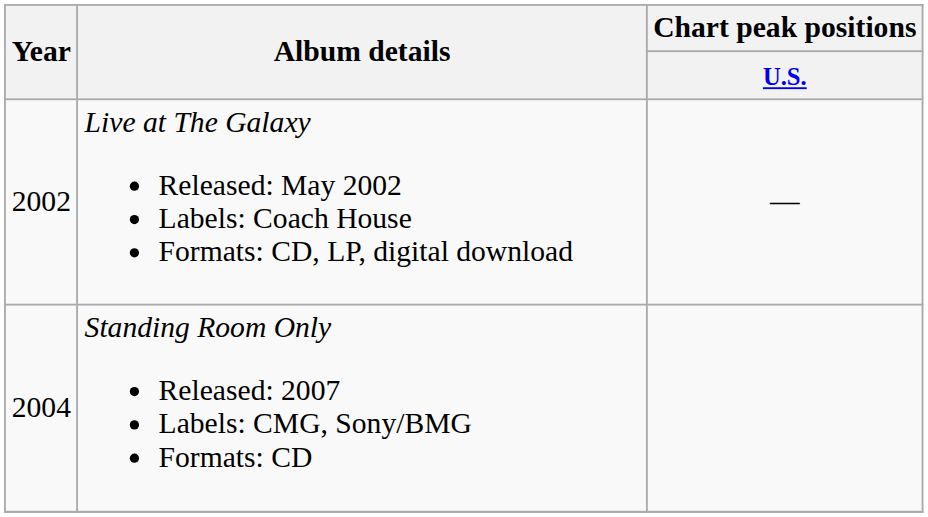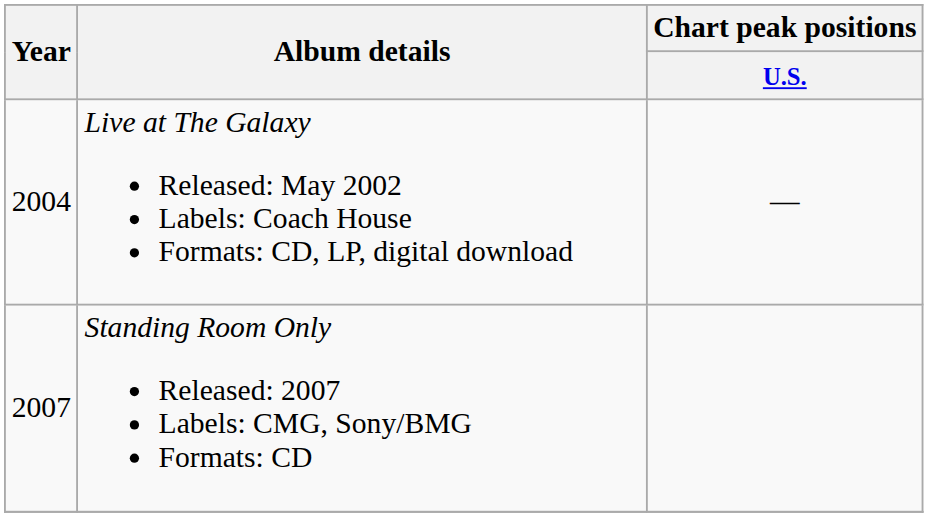 <table class="wikitable" border="1">
 <tr>
 <th rowspan="2">Year</th>
 <th rowspan="2" width="300">Album details</th>
 <th colspan="1">Chart peak positions</th>
 </tr>
 <tr>
 <th><small><a href='#'>U.S.</a></small></th>
 </tr>
 <tr>
-<td>2002</td>
+<td>2004</td>
 <td><em>Live at The Galaxy</em><br><ul><li>Released: May 2002</li><li>Labels: Coach House</li><li>Formats: CD, LP, digital download</li></ul></td>
 <td align="center">—</td>
 </tr>
 <tr>
-<td>2004</td>
+<td>2007</td>
 <td><em>Standing Room Only</em><br><ul><li>Released: 2007</li><li>Labels: CMG, Sony/BMG</li><li>Formats: CD</li></ul></td>
 <td></td>
 </tr>
 <tr>
 </tr>
 </table>
